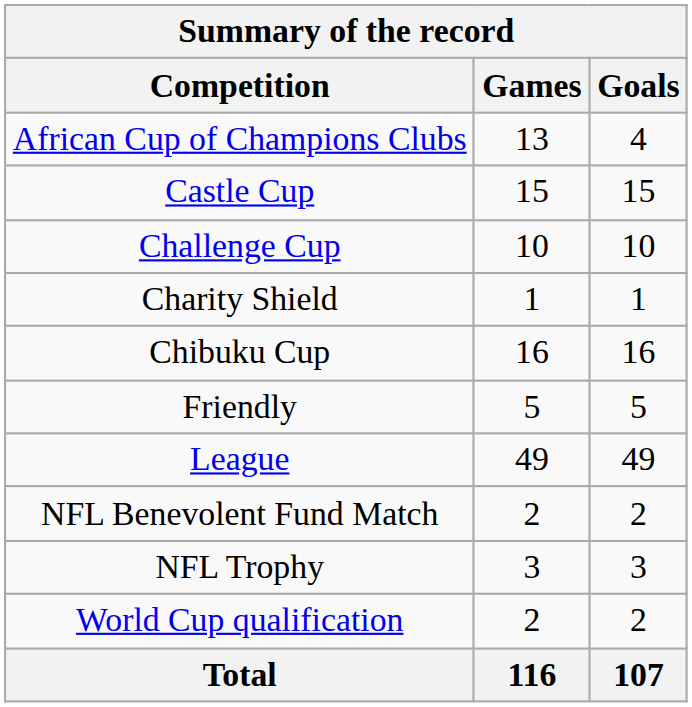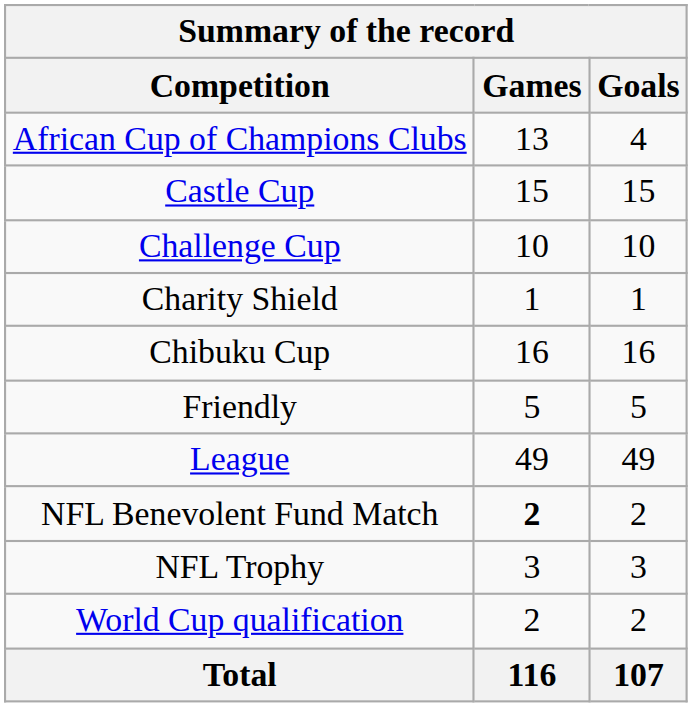 <table class="wikitable sortable collapsible" style="text-align:center">
 <tr>
 <th colspan="5">Summary of the record</th>
 </tr>
 <tr>
 <th>Competition</th>
 <th>Games</th>
 <th>Goals</th>
 </tr>
 <tr>
 <td><a href='#'>African Cup of Champions Clubs</a></td>
 <td>13</td>
 <td>4</td>
 </tr>
 <tr>
 <td><a href='#'>Castle Cup</a></td>
 <td>15</td>
 <td>15</td>
 </tr>
 <tr>
 <td><a href='#'>Challenge Cup</a></td>
 <td>10</td>
 <td>10</td>
 </tr>
 <tr>
 <td>Charity Shield</td>
 <td>1</td>
 <td>1</td>
 </tr>
 <tr>
 <td>Chibuku Cup</td>
 <td>16</td>
 <td>16</td>
 </tr>
 <tr>
 <td>Friendly</td>
 <td>5</td>
 <td>5</td>
 </tr>
 <tr>
 <td><a href='#'>League</a></td>
 <td>49</td>
 <td>49</td>
 </tr>
 <tr>
 <td>NFL Benevolent Fund Match</td>
-<td>2</td>
+<td><strong>2</strong></td>
 <td>2</td>
 </tr>
 <tr>
 <td>NFL Trophy</td>
 <td>3</td>
 <td>3</td>
 </tr>
 <tr>
 <td><a href='#'>World Cup qualification</a></td>
 <td>2</td>
 <td>2</td>
 </tr>
 <tr>
 <th>Total</th>
 <th>116</th>
 <th>107</th>
 </tr>
 </table>
